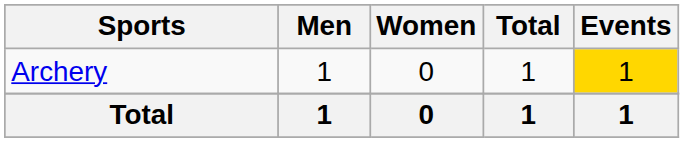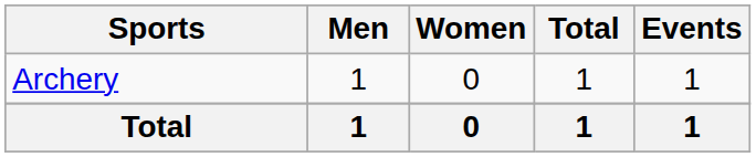 <table class="wikitable sortable" style="text-align:center;">
 <tr>
 <th width="150">Sports</th>
 <th width="45">Men</th>
 <th width="45">Women</th>
 <th width="45">Total</th>
 <th width="45">Events</th>
 </tr>
 <tr>
 <td align="left"><a href='#'>Archery</a></td>
 <td>1</td>
 <td>0</td>
 <td>1</td>
-<td style="background: gold;">1</td>
+<td>1</td>
 </tr>
 <tr>
 </tr>
 <tr class="sortbottom">
 <th>Total</th>
 <th>1</th>
 <th>0</th>
 <th>1</th>
 <th>1</th>
 </tr>
 </table>
